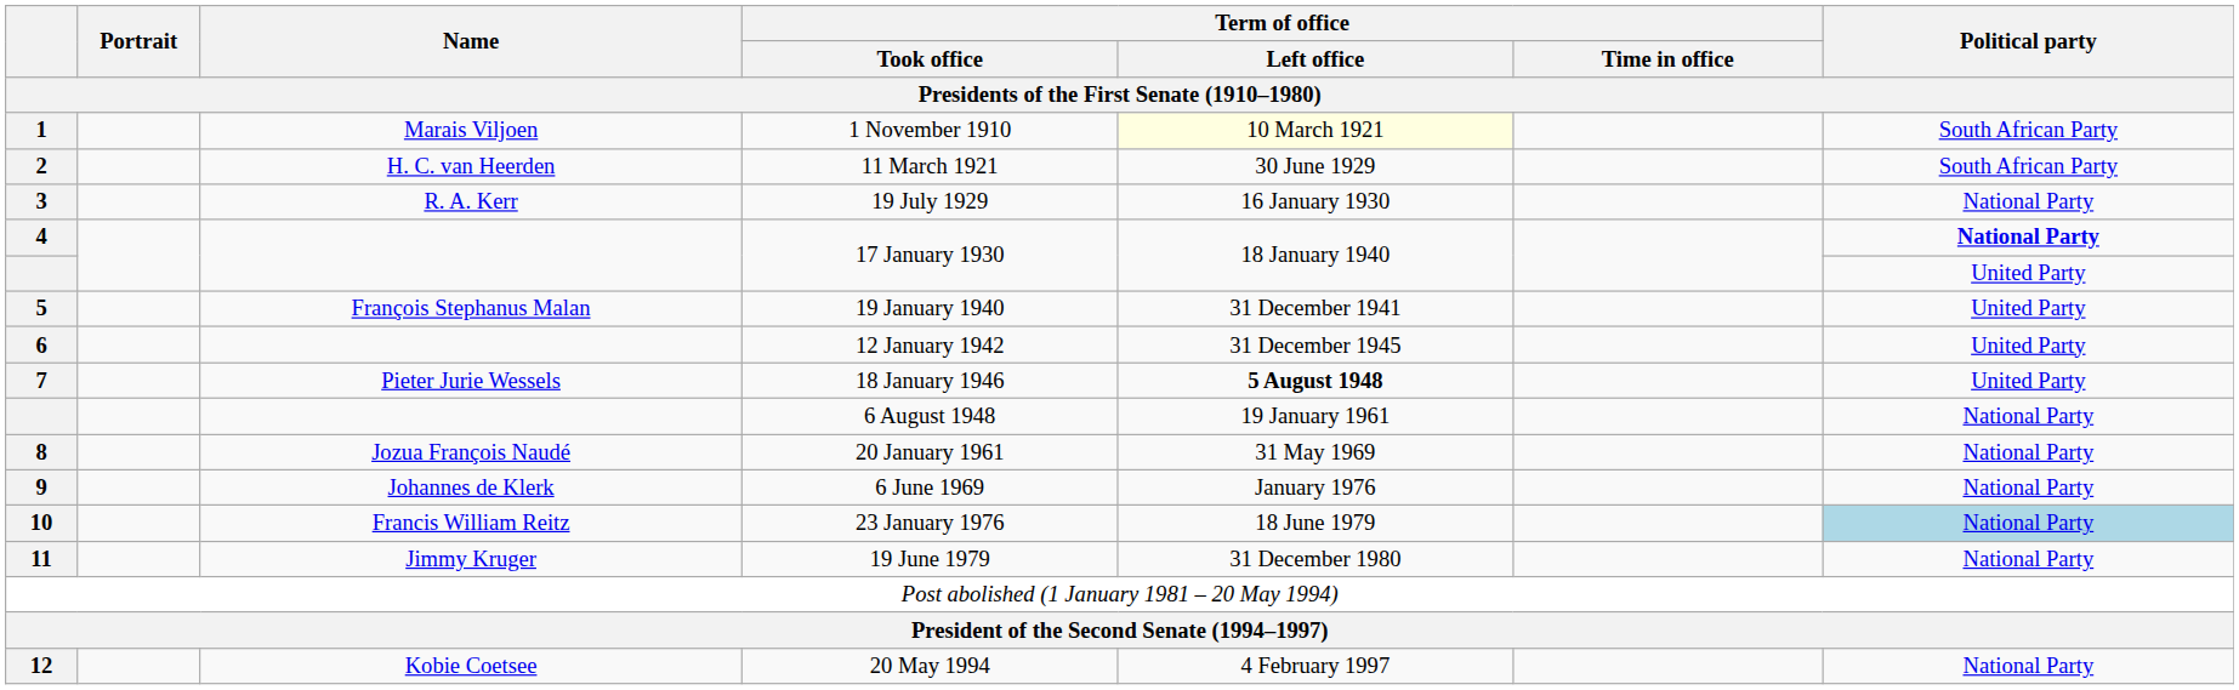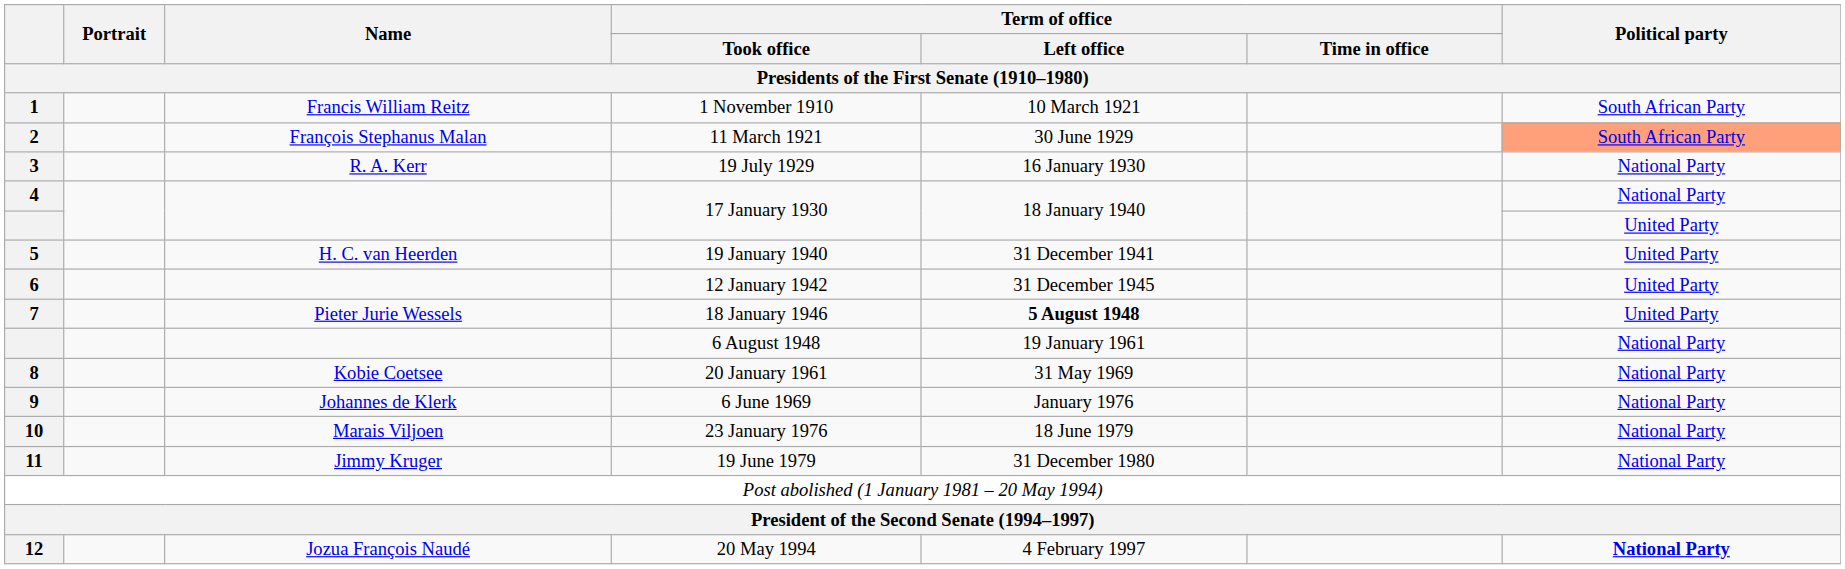 <table class="wikitable" style="width:100%; text-align:center;">
 <tr>
 <th rowspan=2></th>
 <th rowspan=2 style="width:80px;">Portrait</th>
 <th rowspan=2>Name<br></th>
 <th colspan=3>Term of office</th>
 <th rowspan=2>Political party</th>
 </tr>
 <tr>
 <th>Took office</th>
 <th>Left office</th>
 <th>Time in office</th>
 </tr>
 <tr>
 <th colspan="8">Presidents of the First Senate (1910–1980)</th>
 </tr>
 <tr>
 <th style="background:">1</th>
 <td></td>
-<td><a href='#'>Marais Viljoen</a><br></td>
+<td><a href='#'>Francis William Reitz</a><br></td>
 <td>1 November 1910</td>
-<td style="background: lightyellow;">10 March 1921</td>
+<td>10 March 1921</td>
 <td></td>
 <td><a href='#'>South African Party</a></td>
 </tr>
 <tr>
 <th style="background:">2</th>
 <td></td>
-<td><a href='#'>H. C. van Heerden</a><br></td>
+<td><a href='#'>François Stephanus Malan</a><br></td>
 <td>11 March 1921</td>
 <td>30 June 1929</td>
 <td></td>
-<td><a href='#'>South African Party</a></td>
+<td style="background: lightsalmon;"><a href='#'>South African Party</a></td>
 </tr>
 <tr>
 <th style="background:">3</th>
 <td></td>
 <td><a href='#'>R. A. Kerr</a></td>
 <td>19 July 1929</td>
 <td>16 January 1930</td>
 <td></td>
 <td><a href='#'>National Party</a></td>
 </tr>
 <tr>
 <th style="background:">4</th>
 <td rowspan=2></td>
 <td rowspan=2><br></td>
 <td rowspan=2>17 January 1930</td>
 <td rowspan=2>18 January 1940</td>
 <td rowspan=2></td>
-<td><strong><a href='#'>National Party</a><br></strong></td>
+<td><a href='#'>National Party</a><br></td>
 </tr>
 <tr>
 <th style="background:"></th>
 <td><a href='#'>United Party</a><br></td>
 </tr>
 <tr>
 <th style="background:">5</th>
 <td></td>
-<td><a href='#'>François Stephanus Malan</a><br></td>
+<td><a href='#'>H. C. van Heerden</a><br></td>
 <td>19 January 1940</td>
 <td>31 December 1941<br></td>
 <td></td>
 <td><a href='#'>United Party</a></td>
 </tr>
 <tr>
 <th style="background:">6</th>
 <td></td>
 <td><br></td>
 <td>12 January 1942</td>
 <td>31 December 1945</td>
 <td></td>
 <td><a href='#'>United Party</a></td>
 </tr>
 <tr>
 <th style="background:">7</th>
 <td></td>
 <td><a href='#'>Pieter Jurie Wessels</a><br></td>
 <td>18 January 1946</td>
 <td><strong>5 August 1948</strong></td>
 <td></td>
 <td><a href='#'>United Party</a></td>
 </tr>
 <tr>
 <th style="background:"></th>
 <td></td>
 <td><br></td>
 <td>6 August 1948</td>
 <td>19 January 1961</td>
 <td></td>
 <td><a href='#'>National Party</a></td>
 </tr>
 <tr>
 <th style="background:">8</th>
 <td></td>
-<td><a href='#'>Jozua François Naudé</a><br></td>
+<td><a href='#'>Kobie Coetsee</a><br></td>
 <td>20 January 1961</td>
 <td>31 May 1969<br></td>
 <td></td>
 <td><a href='#'>National Party</a></td>
 </tr>
 <tr>
 <th style="background:">9</th>
 <td></td>
 <td><a href='#'>Johannes de Klerk</a><br></td>
 <td>6 June 1969</td>
 <td>January 1976</td>
 <td></td>
 <td><a href='#'>National Party</a></td>
 </tr>
 <tr>
 <th style="background:">10</th>
 <td></td>
-<td><a href='#'>Francis William Reitz</a><br></td>
+<td><a href='#'>Marais Viljoen</a><br></td>
 <td>23 January 1976</td>
 <td>18 June 1979</td>
 <td></td>
-<td style="background: lightblue;"><a href='#'>National Party</a></td>
+<td><a href='#'>National Party</a></td>
 </tr>
 <tr>
 <th style="background:">11</th>
 <td></td>
 <td><a href='#'>Jimmy Kruger</a><br></td>
 <td>19 June 1979</td>
 <td>31 December 1980</td>
 <td></td>
 <td><a href='#'>National Party</a></td>
 </tr>
 <tr bgcolor=white>
 <td colspan="8"><em>Post abolished (1 January 1981 – 20 May 1994)</em></td>
 </tr>
 <tr>
 <th colspan="8">President of the Second Senate (1994–1997)</th>
 </tr>
 <tr>
 <th style="background:">12</th>
 <td></td>
-<td><a href='#'>Kobie Coetsee</a><br></td>
+<td><a href='#'>Jozua François Naudé</a><br></td>
 <td>20 May 1994</td>
 <td>4 February 1997</td>
 <td></td>
-<td><a href='#'>National Party</a></td>
+<td><strong><a href='#'>National Party</a></strong></td>
 </tr>
 </table>
